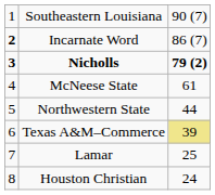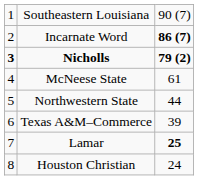 <table class="wikitable">
 <tr align="center">
 <td>1</td>
 <td>Southeastern Louisiana</td>
 <td>90 (7)</td>
 </tr>
 <tr align="center">
-<td><strong>2</strong></td>
+<td>2</td>
 <td>Incarnate Word</td>
-<td>86 (7)</td>
+<td><strong>86 (7)</strong></td>
 </tr>
 <tr align="center">
 <td><strong>3</strong></td>
 <td><strong>Nicholls</strong></td>
 <td><strong>79 (2)</strong></td>
 </tr>
 <tr align="center">
 <td>4</td>
 <td>McNeese State</td>
 <td>61</td>
 </tr>
 <tr align="center">
 <td>5</td>
 <td>Northwestern State</td>
 <td>44</td>
 </tr>
 <tr align="center">
 <td>6</td>
 <td>Texas A&M–Commerce</td>
-<td style="background: khaki;">39</td>
+<td>39</td>
 </tr>
 <tr align="center">
 <td>7</td>
 <td>Lamar</td>
-<td>25</td>
+<td><strong>25</strong></td>
 </tr>
 <tr align="center">
 <td>8</td>
 <td>Houston Christian</td>
 <td>24</td>
 </tr>
 </table>
